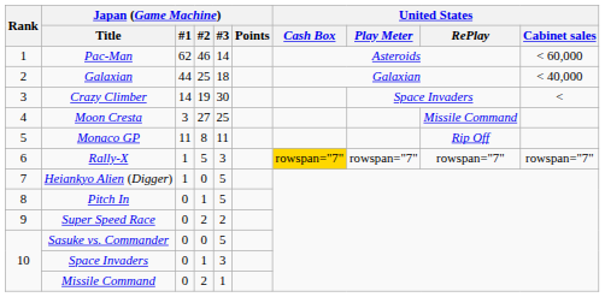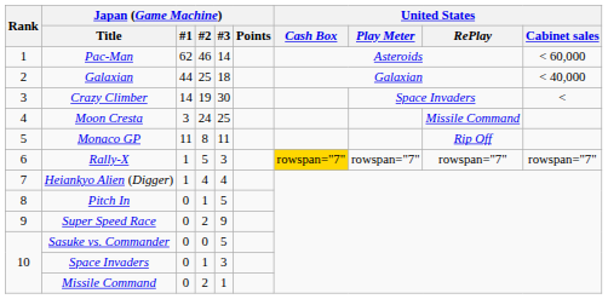 <table class="wikitable sortable" style="text-align:center">
 <tr>
 <th rowspan="2">Rank</th>
 <th colspan="5"><a href='#'>Japan</a> (<em><a href='#'>Game Machine</a></em>)</th>
 <th colspan="4"><a href='#'>United States</a></th>
 </tr>
 <tr>
 <th>Title</th>
 <th>#1</th>
 <th>#2</th>
 <th>#3</th>
 <th>Points</th>
 <th><em><a href='#'>Cash Box</a></em></th>
 <th><em><a href='#'>Play Meter</a></em></th>
 <th><em>RePlay</em></th>
 <th><a href='#'>Cabinet sales</a></th>
 </tr>
 <tr>
 <td>1</td>
 <td><em><a href='#'>Pac-Man</a></em></td>
 <td>62</td>
 <td>46</td>
 <td>14</td>
 <td></td>
 <td colspan="3"><em><a href='#'>Asteroids</a></em></td>
 <td>< 60,000</td>
 </tr>
 <tr>
 <td>2</td>
 <td><em><a href='#'>Galaxian</a></em></td>
 <td>44</td>
 <td>25</td>
 <td>18</td>
 <td></td>
 <td colspan="3"><em><a href='#'>Galaxian</a></em></td>
 <td>< 40,000</td>
 </tr>
 <tr>
 <td>3</td>
 <td><em><a href='#'>Crazy Climber</a></em></td>
 <td>14</td>
 <td>19</td>
 <td>30</td>
 <td></td>
 <td></td>
 <td colspan="2"><em><a href='#'>Space Invaders</a></em></td>
 <td>< </td>
 </tr>
 <tr>
 <td>4</td>
 <td><em><a href='#'>Moon Cresta</a></em></td>
 <td>3</td>
-<td>27</td>
+<td>24</td>
 <td>25</td>
 <td></td>
 <td></td>
 <td></td>
 <td><em><a href='#'>Missile Command</a></em></td>
 <td></td>
 </tr>
 <tr>
 <td>5</td>
 <td><em><a href='#'>Monaco GP</a></em></td>
 <td>11</td>
 <td>8</td>
 <td>11</td>
 <td></td>
 <td></td>
 <td></td>
 <td><em><a href='#'>Rip Off</a></em></td>
 <td></td>
 </tr>
 <tr>
 <td>6</td>
 <td><em><a href='#'>Rally-X</a></em></td>
 <td>1</td>
 <td>5</td>
 <td>3</td>
 <td></td>
 <td style="background: gold;">rowspan="7" </td>
 <td>rowspan="7" </td>
 <td>rowspan="7" </td>
 <td>rowspan="7" </td>
 </tr>
 <tr>
 <td>7</td>
 <td><em><a href='#'>Heiankyo Alien</a></em> (<em>Digger</em>)</td>
 <td>1</td>
-<td>0</td>
-<td>5</td>
+<td>4</td>
+<td>4</td>
 <td></td>
 </tr>
 <tr>
 <td>8</td>
 <td><em><a href='#'>Pitch In</a></em></td>
 <td>0</td>
 <td>1</td>
 <td>5</td>
 <td></td>
 </tr>
 <tr>
 <td>9</td>
 <td><em><a href='#'>Super Speed Race</a></em></td>
 <td>0</td>
 <td>2</td>
-<td>2</td>
+<td>9</td>
 <td></td>
 </tr>
 <tr>
 <td rowspan="3">10</td>
 <td><em><a href='#'>Sasuke vs. Commander</a></em></td>
 <td>0</td>
 <td>0</td>
 <td>5</td>
 <td></td>
 </tr>
 <tr>
 <td><em><a href='#'>Space Invaders</a></em></td>
 <td>0</td>
 <td>1</td>
 <td>3</td>
 <td></td>
 </tr>
 <tr>
 <td><em><a href='#'>Missile Command</a></em></td>
 <td>0</td>
 <td>2</td>
 <td>1</td>
 <td></td>
 </tr>
 </table>
